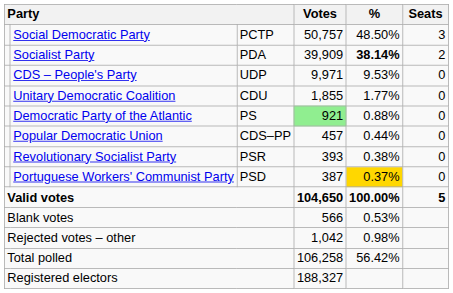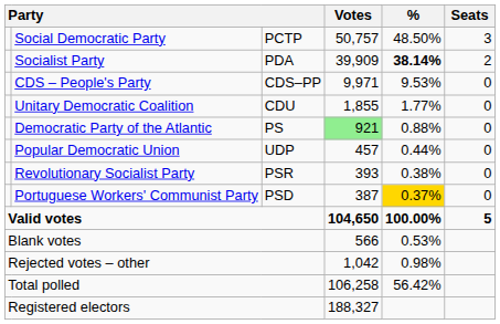 <table class="wikitable" border="1" style="text-align:right;">
 <tr>
 <th style="text-align:left;" colspan=3>Party</th>
 <th align=center width="50">Votes</th>
 <th align=center width="50">%</th>
 <th align=center width="50">Seats</th>
 </tr>
 <tr>
 <td></td>
 <td align=left><a href='#'>Social Democratic Party</a></td>
 <td align=left>PCTP</td>
 <td>50,757</td>
 <td>48.50%</td>
 <td>3</td>
 </tr>
 <tr>
 <td></td>
 <td align=left><a href='#'>Socialist Party</a></td>
 <td align=left>PDA</td>
 <td>39,909</td>
 <td><strong>38.14%</strong></td>
 <td>2</td>
 </tr>
 <tr>
 <td></td>
 <td align=left><a href='#'>CDS – People's Party</a></td>
-<td align=left>UDP</td>
+<td align=left style="white-space: nowrap;">CDS–PP</td>
 <td>9,971</td>
 <td>9.53%</td>
 <td>0</td>
 </tr>
 <tr>
 <td></td>
 <td align=left style="white-space: nowrap;"><a href='#'>Unitary Democratic Coalition</a></td>
 <td align=left>CDU</td>
 <td>1,855</td>
 <td>1.77%</td>
 <td>0</td>
 </tr>
 <tr>
 <td></td>
 <td align=left><a href='#'>Democratic Party of the Atlantic</a></td>
 <td align=left>PS</td>
 <td style="background: lightgreen;">921</td>
 <td>0.88%</td>
 <td>0</td>
 </tr>
 <tr>
 <td></td>
 <td align=left><a href='#'>Popular Democratic Union</a></td>
-<td align=left style="white-space: nowrap;">CDS–PP</td>
+<td align=left>UDP</td>
 <td>457</td>
 <td>0.44%</td>
 <td>0</td>
 </tr>
 <tr>
 <td></td>
 <td align=left><a href='#'>Revolutionary Socialist Party</a></td>
 <td align=left>PSR</td>
 <td>393</td>
 <td>0.38%</td>
 <td>0</td>
 </tr>
 <tr>
 <td></td>
 <td align=left><a href='#'>Portuguese Workers' Communist Party</a></td>
 <td align=left>PSD</td>
 <td>387</td>
 <td style="background: gold;">0.37%</td>
 <td>0</td>
 </tr>
 <tr style="font-weight:bold">
 <td align=left colspan=3>Valid votes</td>
 <td>104,650</td>
 <td>100.00%</td>
 <td>5</td>
 </tr>
 <tr>
 <td align=left colspan=3>Blank votes</td>
 <td>566</td>
 <td>0.53%</td>
 <td></td>
 </tr>
 <tr>
 <td align=left colspan=3>Rejected votes – other</td>
 <td>1,042</td>
 <td>0.98%</td>
 <td></td>
 </tr>
 <tr>
 <td align=left colspan=3>Total polled</td>
 <td>106,258</td>
 <td>56.42%</td>
 <td></td>
 </tr>
 <tr>
 <td align=left colspan=3>Registered electors</td>
 <td>188,327</td>
 <td></td>
 <td></td>
 </tr>
 </table>
